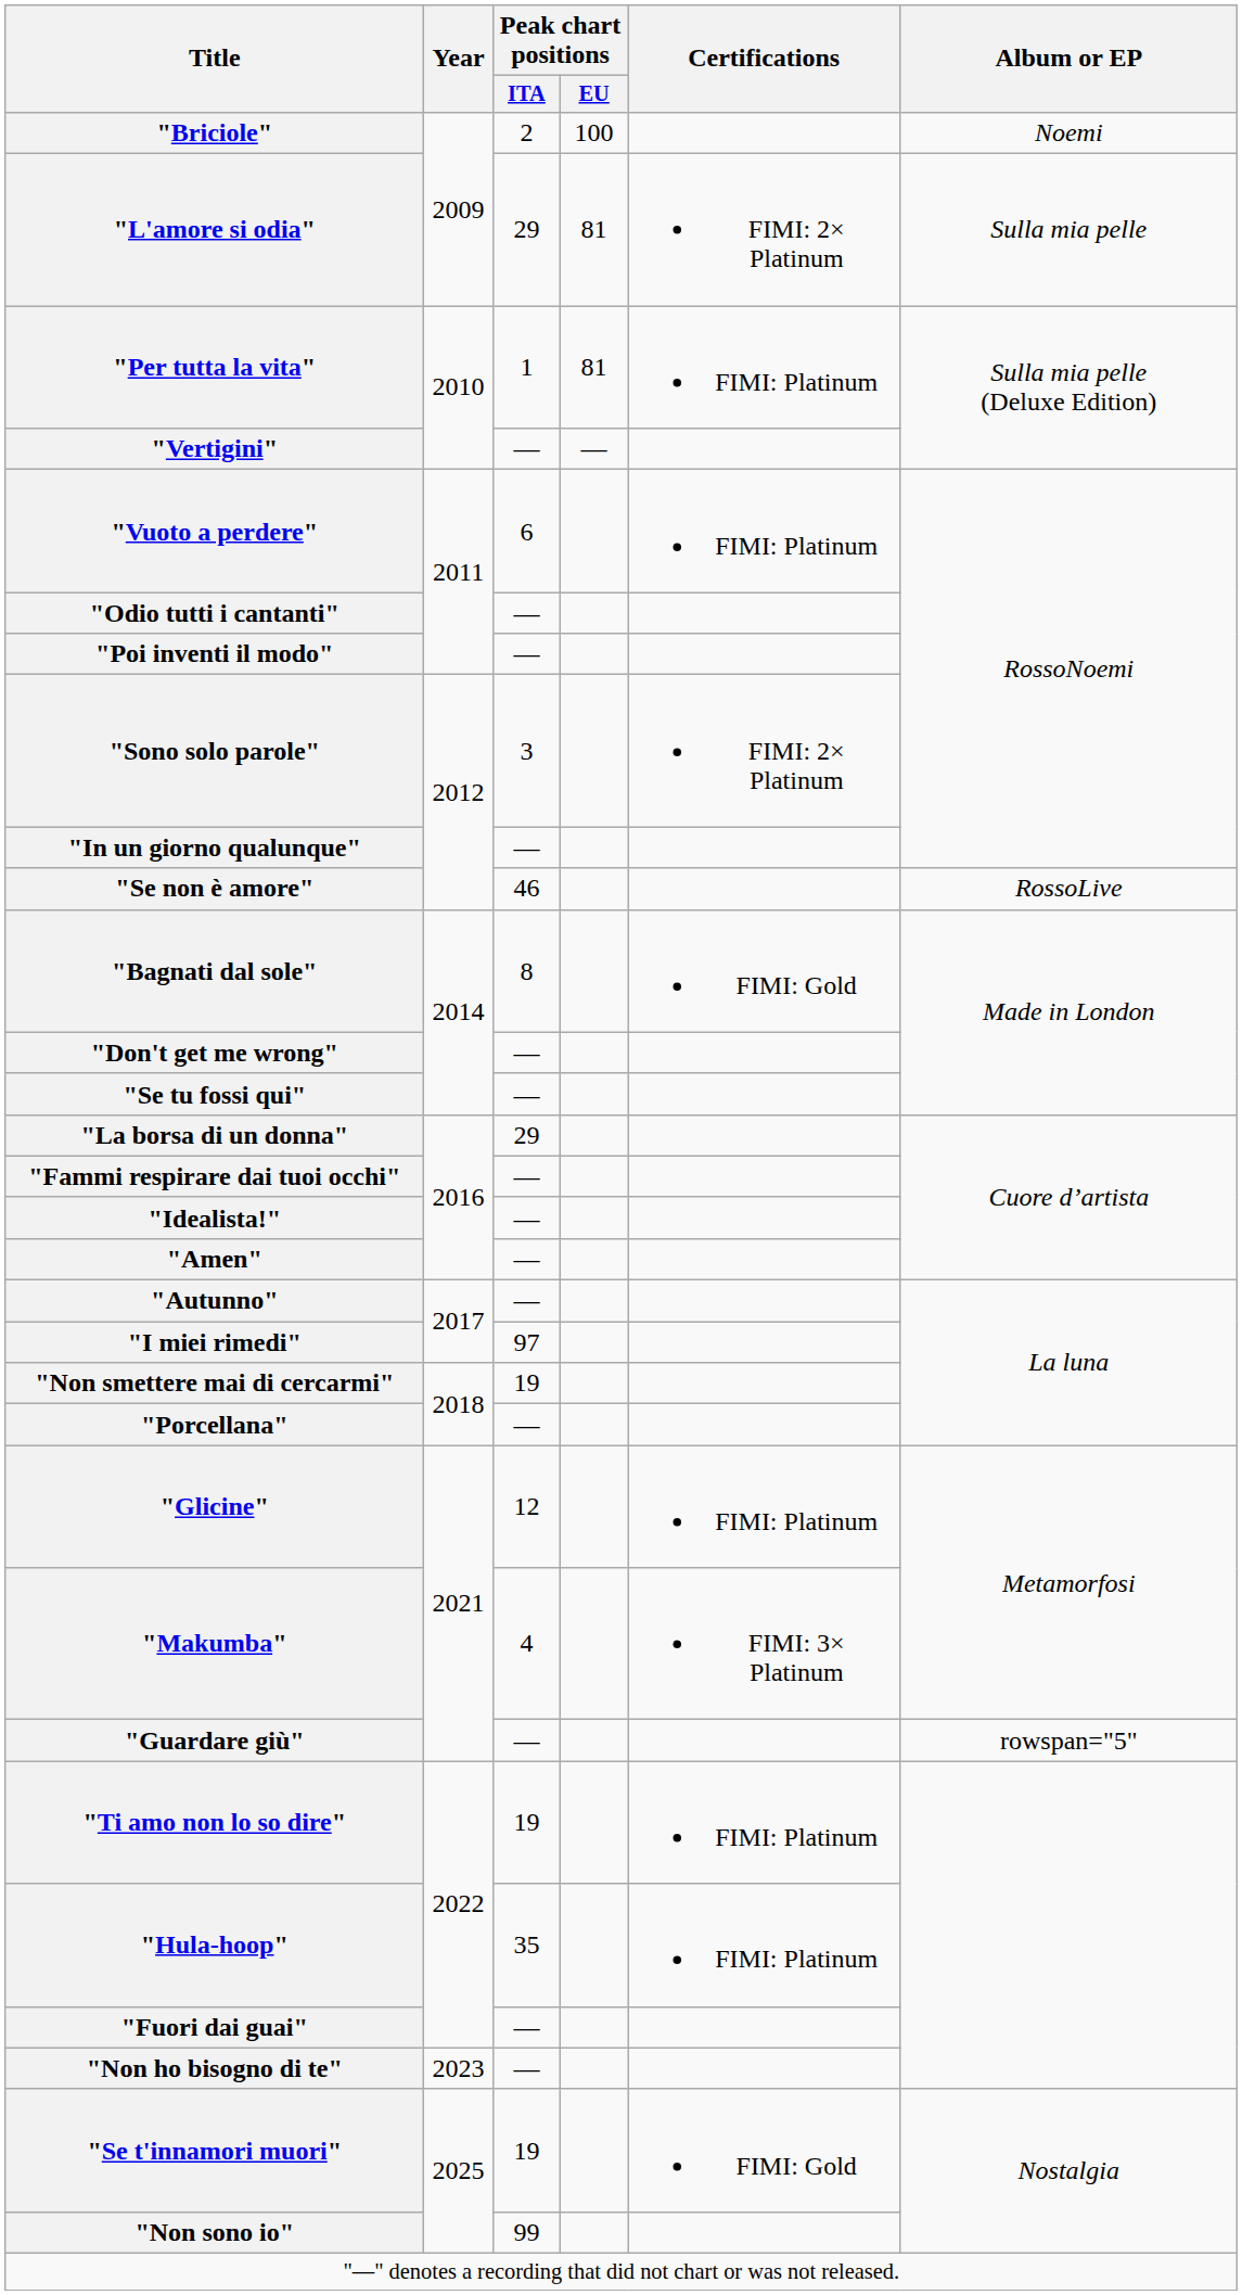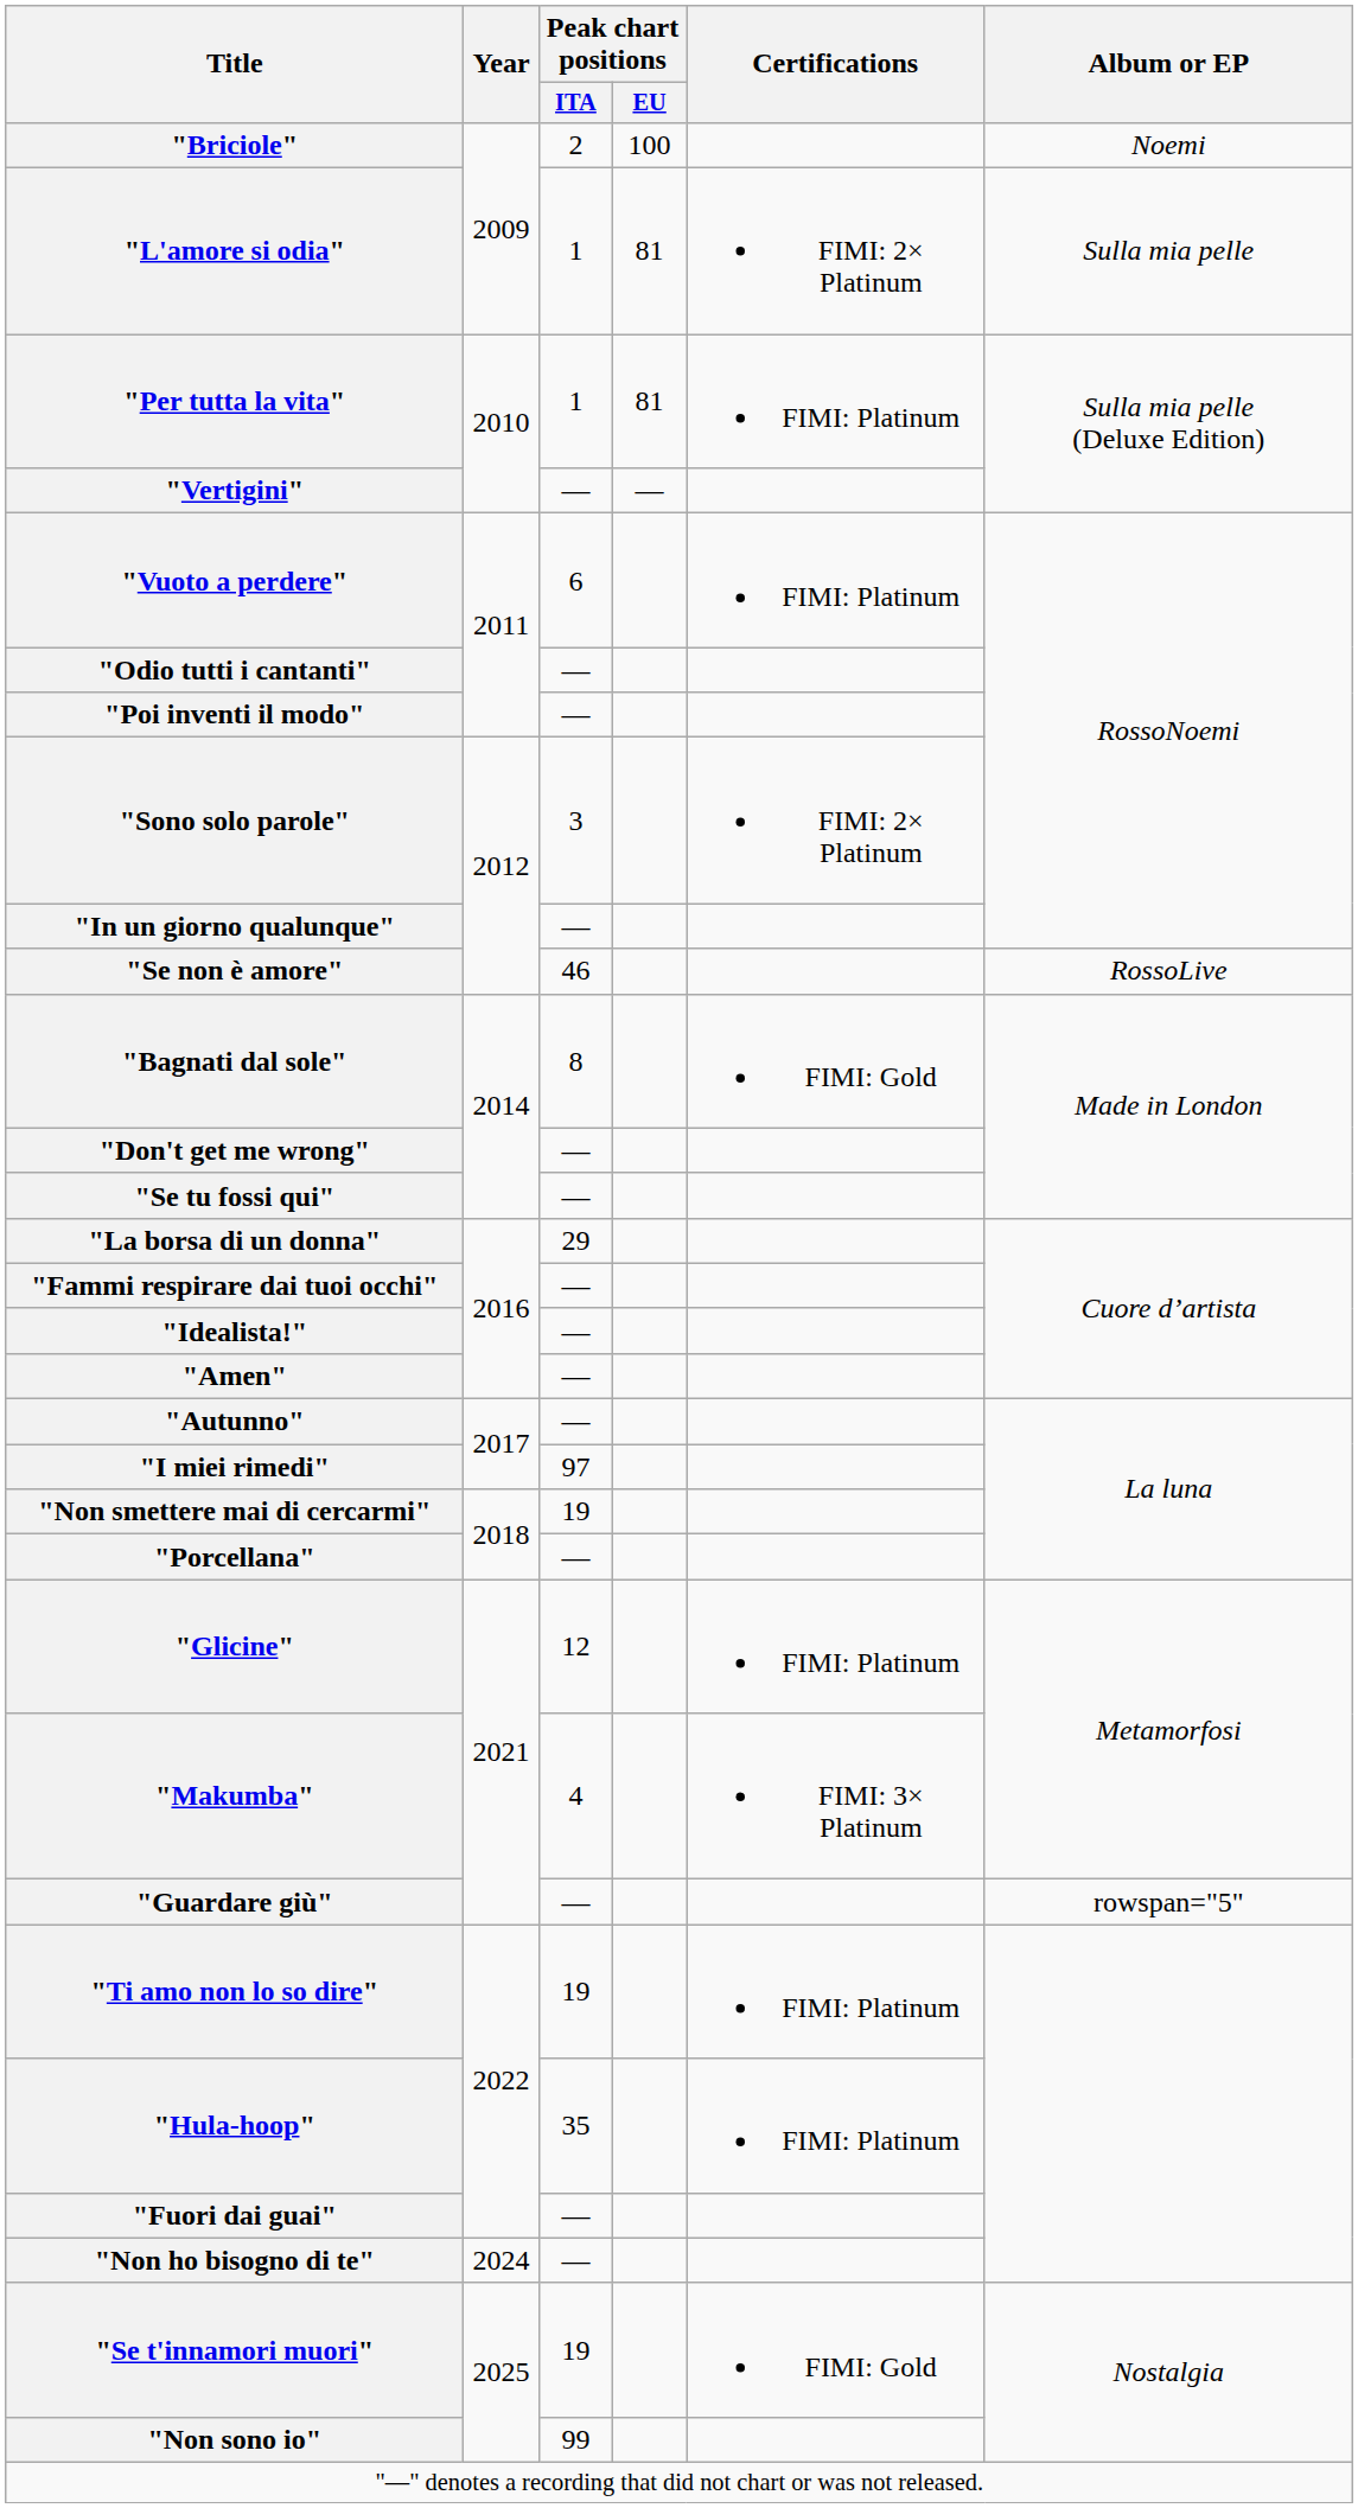 <table class="wikitable plainrowheaders" style="text-align:center;" border="1">
 <tr>
 <th scope="col" rowspan="2" style="width:250px;">Title</th>
 <th scope="col" rowspan="2" style="width:35px;">Year</th>
 <th scope="col" colspan="2">Peak chart positions</th>
 <th scope="col" rowspan="2" style="width:160px;">Certifications</th>
 <th scope="col" rowspan="2" style="width:200px;">Album or EP</th>
 </tr>
 <tr>
 <th scope="col" style="width:35px;font-size:85%;"><a href='#'>ITA</a><br></th>
 <th scope="col" style="width:35px;font-size:85%;"><a href='#'>EU</a><br></th>
 </tr>
 <tr>
 <th scope="row">"<a href='#'>Briciole</a>"</th>
 <td rowspan="2">2009</td>
 <td>2</td>
 <td>100</td>
 <td></td>
 <td><em>Noemi</em></td>
 </tr>
 <tr>
 <th scope="row">"<a href='#'>L'amore si odia</a>"<br></th>
-<td>29</td>
+<td>1</td>
 <td>81</td>
 <td><br><ul><li>FIMI: 2× Platinum</li></ul></td>
 <td><em>Sulla mia pelle</em></td>
 </tr>
 <tr>
 <th scope="row">"<a href='#'>Per tutta la vita</a>"</th>
 <td rowspan="2">2010</td>
 <td>1</td>
 <td>81</td>
 <td><br><ul><li>FIMI: Platinum</li></ul></td>
 <td rowspan="2"><em>Sulla mia pelle</em><br>(Deluxe Edition)</td>
 </tr>
 <tr>
 <th scope="row">"<a href='#'>Vertigini</a>"</th>
 <td>—</td>
 <td>—</td>
 <td></td>
 </tr>
 <tr>
 <th scope="row">"<a href='#'>Vuoto a perdere</a>"</th>
 <td rowspan="3">2011</td>
 <td>6</td>
 <td></td>
 <td><br><ul><li>FIMI: Platinum</li></ul></td>
 <td rowspan="5"><em>RossoNoemi</em></td>
 </tr>
 <tr>
 <th scope="row">"Odio tutti i cantanti"</th>
 <td>—</td>
 <td></td>
 <td></td>
 </tr>
 <tr>
 <th scope="row">"Poi inventi il modo"</th>
 <td>—</td>
 <td></td>
 <td></td>
 </tr>
 <tr>
 <th scope="row">"Sono solo parole"</th>
 <td rowspan="3">2012</td>
 <td>3</td>
 <td></td>
 <td><br><ul><li>FIMI: 2× Platinum</li></ul></td>
 </tr>
 <tr>
 <th scope="row">"In un giorno qualunque"</th>
 <td>—</td>
 <td></td>
 <td></td>
 </tr>
 <tr>
 <th scope="row">"Se non è amore"</th>
 <td>46</td>
 <td></td>
 <td></td>
 <td><em>RossoLive</em></td>
 </tr>
 <tr>
 <th scope="row">"Bagnati dal sole"</th>
 <td rowspan="3">2014</td>
 <td>8</td>
 <td></td>
 <td><br><ul><li>FIMI: Gold</li></ul></td>
 <td rowspan="3"><em>Made in London</em></td>
 </tr>
 <tr>
 <th scope="row">"Don't get me wrong"</th>
 <td>—</td>
 <td></td>
 <td></td>
 </tr>
 <tr>
 <th scope="row">"Se tu fossi qui"</th>
 <td>—</td>
 <td></td>
 <td></td>
 </tr>
 <tr>
 <th scope="row">"La borsa di un donna"</th>
 <td rowspan="4">2016</td>
 <td>29</td>
 <td></td>
 <td></td>
 <td rowspan="4"><em>Cuore d’artista</em></td>
 </tr>
 <tr>
 <th scope="row">"Fammi respirare dai tuoi occhi"</th>
 <td>—</td>
 <td></td>
 <td></td>
 </tr>
 <tr>
 <th scope="row">"Idealista!"</th>
 <td>—</td>
 <td></td>
 <td></td>
 </tr>
 <tr>
 <th scope="row">"Amen"</th>
 <td>—</td>
 <td></td>
 <td></td>
 </tr>
 <tr>
 <th scope="row">"Autunno"</th>
 <td rowspan="2">2017</td>
 <td>—</td>
 <td></td>
 <td></td>
 <td rowspan="4"><em>La luna</em></td>
 </tr>
 <tr>
 <th scope="row">"I miei rimedi"</th>
 <td>97</td>
 <td></td>
 <td></td>
 </tr>
 <tr>
 <th scope="row">"Non smettere mai di cercarmi"</th>
 <td rowspan="2">2018</td>
 <td>19</td>
 <td></td>
 <td></td>
 </tr>
 <tr>
 <th scope="row">"Porcellana"</th>
 <td>—</td>
 <td></td>
 <td></td>
 </tr>
 <tr>
 <th scope="row">"<a href='#'>Glicine</a>"</th>
 <td rowspan="3">2021</td>
 <td>12</td>
 <td></td>
 <td><br><ul><li>FIMI: Platinum</li></ul></td>
 <td rowspan="2"><em>Metamorfosi</em></td>
 </tr>
 <tr>
 <th scope="row">"<a href='#'>Makumba</a>"<br></th>
 <td>4</td>
 <td></td>
 <td><br><ul><li>FIMI: 3× Platinum</li></ul></td>
 </tr>
 <tr>
 <th scope="row">"Guardare giù"</th>
 <td>—</td>
 <td></td>
 <td></td>
 <td>rowspan="5" </td>
 </tr>
 <tr>
 <th scope="row">"<a href='#'>Ti amo non lo so dire</a>"</th>
 <td rowspan="3">2022</td>
 <td>19</td>
 <td></td>
 <td><br><ul><li>FIMI: Platinum</li></ul></td>
 </tr>
 <tr>
 <th scope="row">"<a href='#'>Hula-hoop</a>"<br></th>
 <td>35</td>
 <td></td>
 <td><br><ul><li>FIMI: Platinum</li></ul></td>
 </tr>
 <tr>
 <th scope="row">"Fuori dai guai"<br></th>
 <td>—</td>
 <td></td>
 <td></td>
 </tr>
 <tr>
 <th scope="row">"Non ho bisogno di te"</th>
-<td>2023</td>
+<td>2024</td>
 <td>—</td>
 <td></td>
 <td></td>
 </tr>
 <tr>
 <th scope="row">"<a href='#'>Se t'innamori muori</a>"</th>
 <td rowspan="2">2025</td>
 <td>19</td>
 <td></td>
 <td><br><ul><li>FIMI: Gold</li></ul></td>
 <td rowspan="2"><em>Nostalgia</em></td>
 </tr>
 <tr>
 <th scope="row">"Non sono io"</th>
 <td>99</td>
 <td></td>
 <td></td>
 </tr>
 <tr>
 <td colspan="20" style="font-size:85%;">"—" denotes a recording that did not chart or was not released.</td>
 </tr>
 </table>
